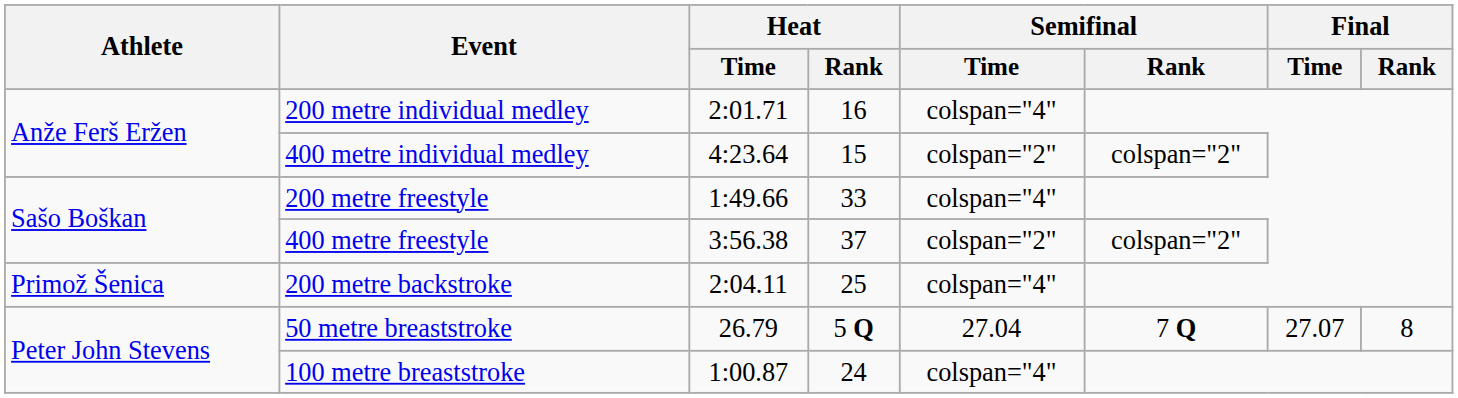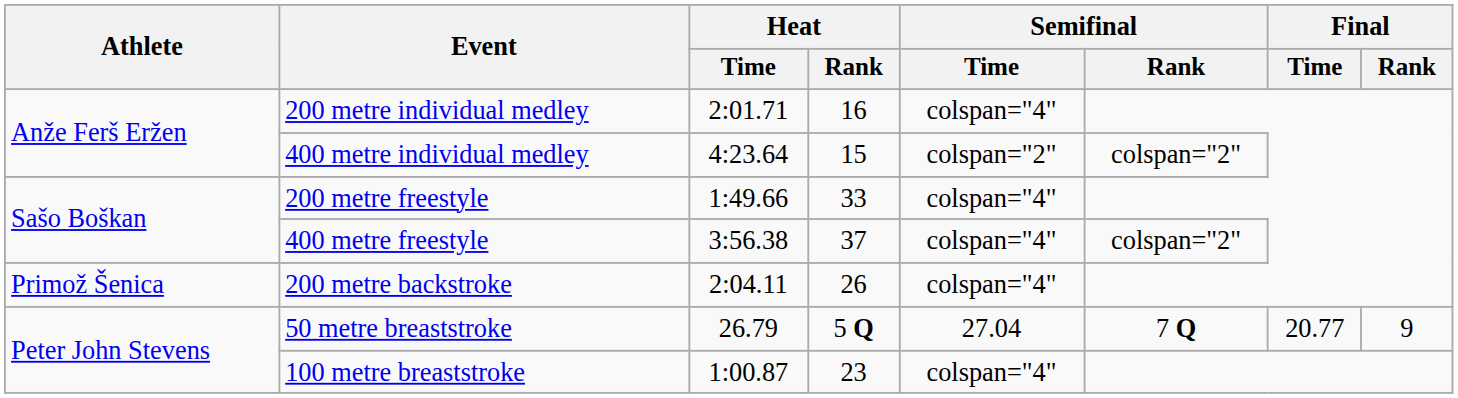 <table class="wikitable" style="text-align:center; font-size:90%; width:50%;">
 <tr>
 <th rowspan="2">Athlete</th>
 <th rowspan="2">Event</th>
 <th colspan="2">Heat</th>
 <th colspan="2">Semifinal</th>
 <th colspan="2">Final</th>
 </tr>
 <tr style="font-size:95%">
 <th>Time</th>
 <th>Rank</th>
 <th>Time</th>
 <th>Rank</th>
 <th>Time</th>
 <th>Rank</th>
 </tr>
 <tr align=center>
 <td align=left rowspan=2><a href='#'>Anže Ferš Eržen</a></td>
 <td align=left><a href='#'>200 metre individual medley</a></td>
 <td>2:01.71</td>
 <td>16</td>
 <td>colspan="4"  </td>
 </tr>
 <tr align=center>
 <td align=left><a href='#'>400 metre individual medley</a></td>
 <td>4:23.64</td>
 <td>15</td>
 <td>colspan="2"  </td>
 <td>colspan="2"  </td>
 </tr>
 <tr align=center>
 <td align=left rowspan=2><a href='#'>Sašo Boškan</a></td>
 <td align=left><a href='#'>200 metre freestyle</a></td>
 <td>1:49.66</td>
 <td>33</td>
 <td>colspan="4"  </td>
 </tr>
 <tr align=center>
 <td align=left><a href='#'>400 metre freestyle</a></td>
 <td>3:56.38</td>
 <td>37</td>
-<td>colspan="2"  </td>
+<td>colspan="4"  </td>
 <td>colspan="2"  </td>
 </tr>
 <tr align=center>
 <td align=left><a href='#'>Primož Šenica</a></td>
 <td align=left><a href='#'>200 metre backstroke</a></td>
 <td>2:04.11</td>
-<td>25</td>
+<td>26</td>
 <td>colspan="4"  </td>
 </tr>
 <tr align=center>
 <td align=left rowspan=2><a href='#'>Peter John Stevens</a></td>
 <td align=left><a href='#'>50 metre breaststroke</a></td>
 <td>26.79</td>
 <td>5 <strong>Q</strong></td>
 <td>27.04</td>
 <td>7 <strong>Q</strong></td>
-<td>27.07</td>
-<td>8</td>
+<td>20.77</td>
+<td>9</td>
 </tr>
 <tr align=center>
 <td align=left><a href='#'>100 metre breaststroke</a></td>
 <td>1:00.87</td>
-<td>24</td>
+<td>23</td>
 <td>colspan="4"  </td>
 </tr>
 </table>
